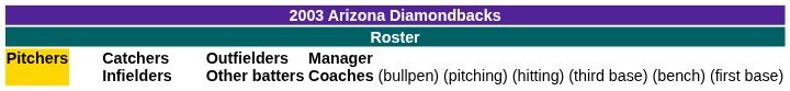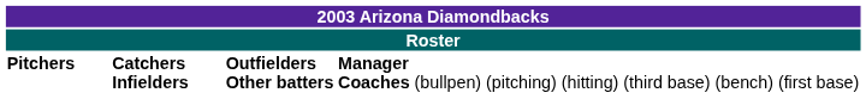 <table class="toccolours" style="font-size: 95%;">
 <tr>
 <th colspan="10" style="background-color: #522398; color: #FFFFFF; text-align: center;">2003 Arizona Diamondbacks</th>
 </tr>
 <tr>
 <td colspan="10" style="background-color: #006265; color: #FFFFFF; text-align: center;"><strong>Roster</strong></td>
 </tr>
 <tr>
-<td valign="top" style="background: gold;"><strong>Pitchers</strong><br>                     </td>
+<td valign="top"><strong>Pitchers</strong><br>                     </td>
 <td width="25px"></td>
 <td valign="top"><strong>Catchers</strong><br>   <strong>Infielders</strong>         </td>
 <td width="25px"></td>
 <td valign="top"><strong>Outfielders</strong><br>       <strong>Other batters</strong> </td>
 <td valign="top"><strong>Manager</strong><br> <strong>Coaches</strong>  (bullpen)  (pitching)  (hitting)  (third base)  (bench)  (first base)</td>
 </tr>
 <tr>
 </tr>
 </table>
